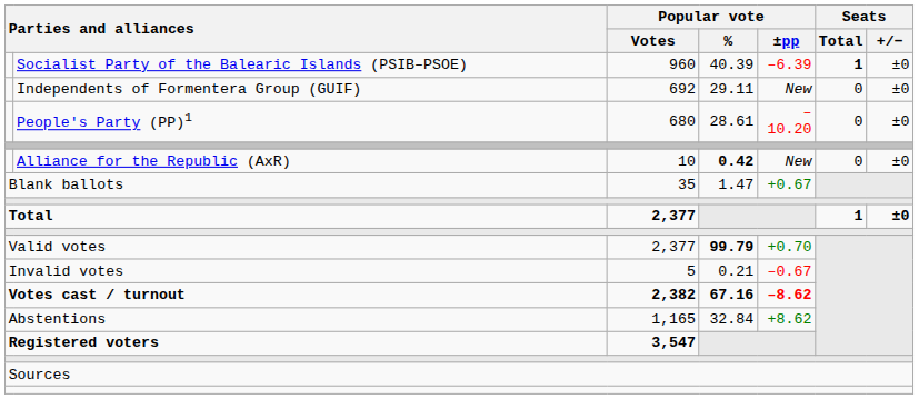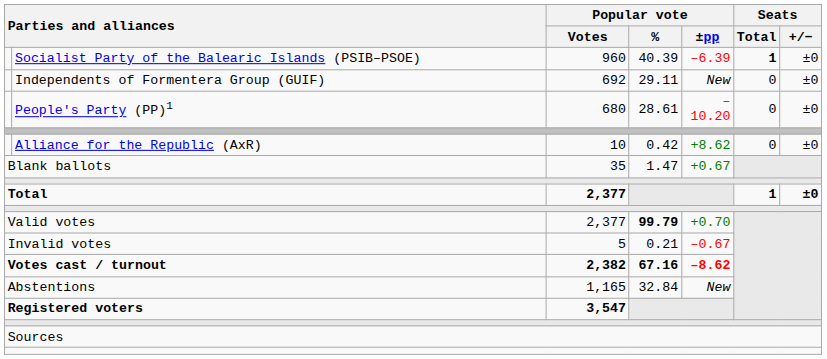 <table class="wikitable" style="text-align:right;">
 <tr>
 <th style="text-align:left;" rowspan="2" colspan="2" width="525">Parties and alliances</th>
 <th colspan="3">Popular vote</th>
 <th colspan="2">Seats</th>
 </tr>
 <tr>
 <th width="75">Votes</th>
 <th width="45">%</th>
 <th width="45">±<a href='#'>pp</a></th>
 <th width="35">Total</th>
 <th width="35">+/−</th>
 </tr>
 <tr>
 <td width="1" style="color:inherit;background:"></td>
 <td align="left"><a href='#'>Socialist Party of the Balearic Islands</a> (PSIB–PSOE)</td>
 <td>960</td>
 <td>40.39</td>
 <td style="color:red;">–6.39</td>
 <td><strong>1</strong></td>
 <td>±0</td>
 </tr>
 <tr>
 <td style="color:inherit;background:"></td>
 <td align="left">Independents of Formentera Group (GUIF)</td>
 <td>692</td>
 <td>29.11</td>
 <td><em>New</em></td>
 <td>0</td>
 <td>±0</td>
 </tr>
 <tr>
 <td style="color:inherit;background:"></td>
 <td align="left"><a href='#'>People's Party</a> (PP)<sup>1</sup></td>
 <td>680</td>
 <td>28.61</td>
 <td style="color:red;">–10.20</td>
 <td>0</td>
 <td>±0</td>
 </tr>
 <tr>
 <td colspan="7" bgcolor="#C0C0C0"></td>
 </tr>
 <tr>
 <td style="color:inherit;background:"></td>
 <td align="left"><a href='#'>Alliance for the Republic</a> (AxR)</td>
 <td>10</td>
-<td><strong>0.42</strong></td>
-<td><em>New</em></td>
+<td>0.42</td>
+<td style="color:green;">+8.62</td>
 <td>0</td>
 <td>±0</td>
 </tr>
 <tr>
 <td align="left" colspan="2">Blank ballots</td>
 <td>35</td>
 <td>1.47</td>
 <td style="color:green;">+0.67</td>
 <td bgcolor="#E9E9E9" colspan="2"></td>
 </tr>
 <tr>
 <td colspan="7" bgcolor="#E9E9E9"></td>
 </tr>
 <tr style="font-weight:bold;">
 <td align="left" colspan="2">Total</td>
 <td>2,377</td>
 <td bgcolor="#E9E9E9" colspan="2"></td>
 <td>1</td>
 <td>±0</td>
 </tr>
 <tr>
 <td colspan="7" bgcolor="#E9E9E9"></td>
 </tr>
 <tr>
 <td align="left" colspan="2">Valid votes</td>
 <td>2,377</td>
 <td><strong>99.79</strong></td>
 <td style="color:green;">+0.70</td>
 <td bgcolor="#E9E9E9" colspan="2" rowspan="5"></td>
 </tr>
 <tr>
 <td align="left" colspan="2">Invalid votes</td>
 <td>5</td>
 <td>0.21</td>
 <td style="color:red;">–0.67</td>
 </tr>
 <tr style="font-weight:bold;">
 <td align="left" colspan="2">Votes cast / turnout</td>
 <td>2,382</td>
 <td>67.16</td>
 <td style="color:red;">–8.62</td>
 </tr>
 <tr>
 <td align="left" colspan="2">Abstentions</td>
 <td>1,165</td>
 <td>32.84</td>
-<td style="color:green;">+8.62</td>
+<td><em>New</em></td>
 </tr>
 <tr style="font-weight:bold;">
 <td align="left" colspan="2">Registered voters</td>
 <td>3,547</td>
 <td bgcolor="#E9E9E9" colspan="2"></td>
 </tr>
 <tr>
 <td colspan="7" bgcolor="#E9E9E9"></td>
 </tr>
 <tr>
 <td align="left" colspan="7">Sources</td>
 </tr>
 <tr>
 <td colspan="7" style="text-align:left; max-width:790px;"></td>
 </tr>
 </table>
